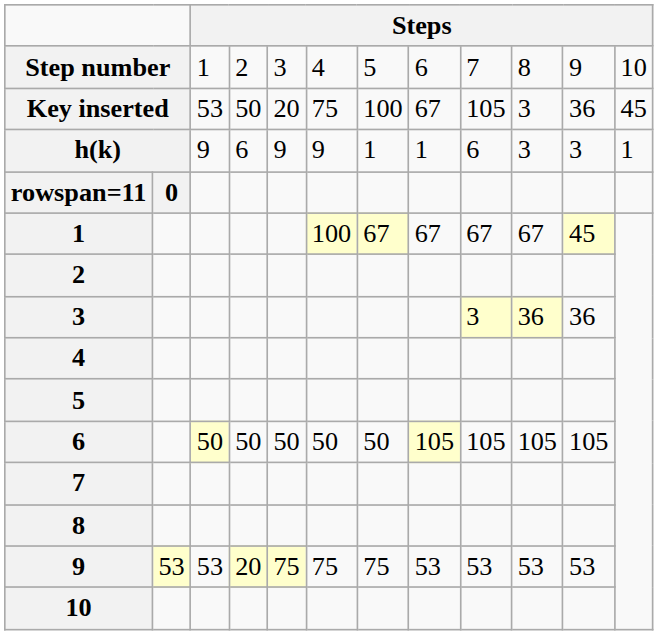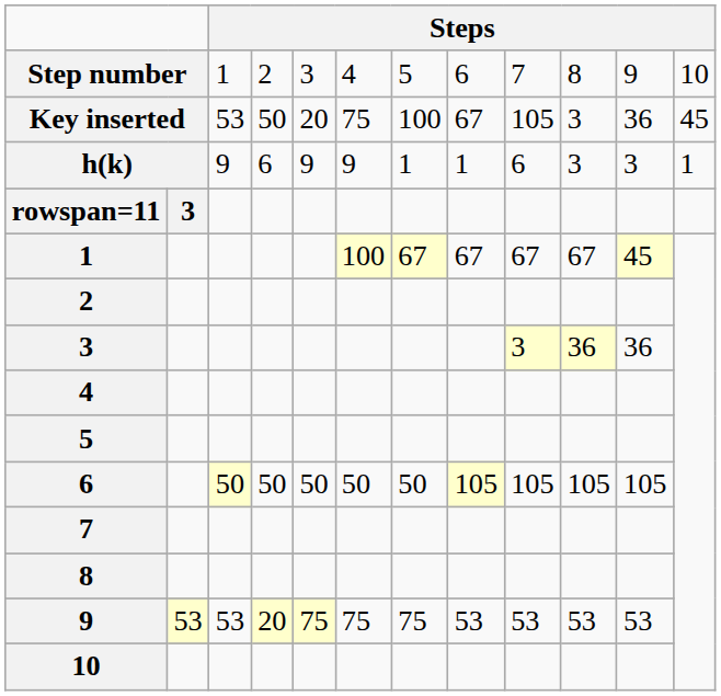 <table class="wikitable">
 <tr>
 <td colspan=2></td>
 <th colspan=10>Steps</th>
 </tr>
 <tr>
 <th colspan=2>Step number</th>
 <td>1</td>
 <td>2</td>
 <td>3</td>
 <td>4</td>
 <td>5</td>
 <td>6</td>
 <td>7</td>
 <td>8</td>
 <td>9</td>
 <td>10</td>
 </tr>
 <tr>
 <th colspan=2>Key inserted</th>
 <td>53</td>
 <td>50</td>
 <td>20</td>
 <td>75</td>
 <td>100</td>
 <td>67</td>
 <td>105</td>
 <td>3</td>
 <td>36</td>
 <td>45</td>
 </tr>
 <tr>
 <th colspan=2>h(k)</th>
 <td>9</td>
 <td>6</td>
 <td>9</td>
 <td>9</td>
 <td>1</td>
 <td>1</td>
 <td>6</td>
 <td>3</td>
 <td>3</td>
 <td>1</td>
 </tr>
 <tr>
 <th>rowspan=11 </th>
-<th>0</th>
+<th>3</th>
 <td></td>
 <td></td>
 <td></td>
 <td></td>
 <td></td>
 <td></td>
 <td></td>
 <td></td>
 <td></td>
 <td></td>
 </tr>
 <tr>
 <th>1</th>
 <td></td>
 <td></td>
 <td></td>
 <td></td>
 <td bgcolor=#ffffcc>100</td>
 <td bgcolor=#ffffcc>67</td>
 <td>67</td>
 <td>67</td>
 <td>67</td>
 <td bgcolor=#ffffcc>45</td>
 </tr>
 <tr>
 <th>2</th>
 <td></td>
 <td></td>
 <td></td>
 <td></td>
 <td></td>
 <td></td>
 <td></td>
 <td></td>
 <td></td>
 <td></td>
 </tr>
 <tr>
 <th>3</th>
 <td></td>
 <td></td>
 <td></td>
 <td></td>
 <td></td>
 <td></td>
 <td></td>
 <td bgcolor=#ffffcc>3</td>
 <td bgcolor=#ffffcc>36</td>
 <td>36</td>
 </tr>
 <tr>
 <th>4</th>
 <td></td>
 <td></td>
 <td></td>
 <td></td>
 <td></td>
 <td></td>
 <td></td>
 <td></td>
 <td></td>
 <td></td>
 </tr>
 <tr>
 <th>5</th>
 <td></td>
 <td></td>
 <td></td>
 <td></td>
 <td></td>
 <td></td>
 <td></td>
 <td></td>
 <td></td>
 <td></td>
 </tr>
 <tr>
 <th>6</th>
 <td></td>
 <td bgcolor=#ffffcc>50</td>
 <td>50</td>
 <td>50</td>
 <td>50</td>
 <td>50</td>
 <td bgcolor=#ffffcc>105</td>
 <td>105</td>
 <td>105</td>
 <td>105</td>
 </tr>
 <tr>
 <th>7</th>
 <td></td>
 <td></td>
 <td></td>
 <td></td>
 <td></td>
 <td></td>
 <td></td>
 <td></td>
 <td></td>
 <td></td>
 </tr>
 <tr>
 <th>8</th>
 <td></td>
 <td></td>
 <td></td>
 <td></td>
 <td></td>
 <td></td>
 <td></td>
 <td></td>
 <td></td>
 <td></td>
 </tr>
 <tr>
 <th>9</th>
 <td bgcolor=#ffffcc>53</td>
 <td>53</td>
 <td bgcolor="#ffffcc">20</td>
 <td bgcolor=#ffffcc>75</td>
 <td>75</td>
 <td>75</td>
 <td>53</td>
 <td>53</td>
 <td>53</td>
 <td>53</td>
 </tr>
 <tr>
 <th>10</th>
 <td></td>
 <td></td>
 <td></td>
 <td></td>
 <td></td>
 <td></td>
 <td></td>
 <td></td>
 <td></td>
 <td></td>
 </tr>
 </table>
